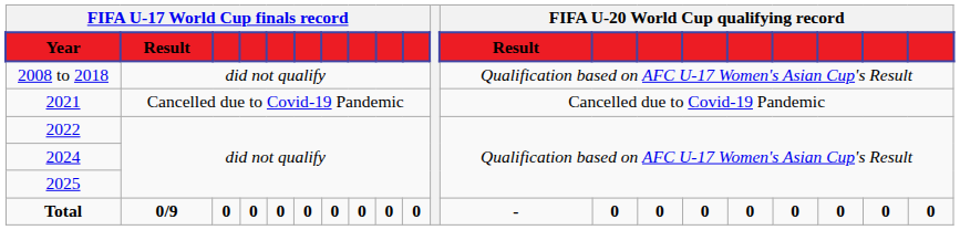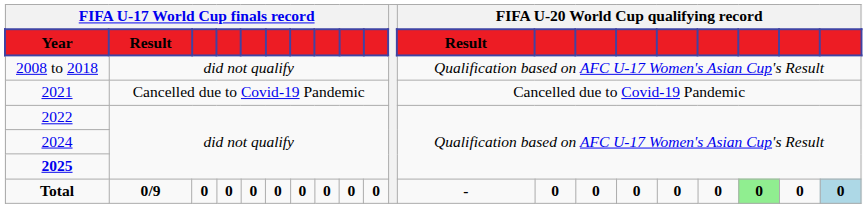 <table Class = "wikitable" style = "text-align: center; width:70%;">
 <tr>
 <th colspan=10><a href='#'>FIFA U-17 World Cup finals record</a></th>
 <th style="width:1%;" rowspan="27"></th>
 <th colspan=9>FIFA U-20 World Cup qualifying record</th>
 </tr>
 <tr>
 <th style="background:#ED1C24;border: 2px solid #3F43A4;"><span>Year</span></th>
 <th style="background:#ED1C24;border: 2px solid #3F43A4;"><span>Result</span></th>
 <th style="background:#ED1C24;border: 2px solid #3F43A4;"><span></span></th>
 <th style="background:#ED1C24;border: 2px solid #3F43A4;"><span></span></th>
 <th style="background:#ED1C24;border: 2px solid #3F43A4;"><span></span></th>
 <th style="background:#ED1C24;border: 2px solid #3F43A4;"><span></span></th>
 <th style="background:#ED1C24;border: 2px solid #3F43A4;"><span></span></th>
 <th style="background:#ED1C24;border: 2px solid #3F43A4;"><span></span></th>
 <th style="background:#ED1C24;border: 2px solid #3F43A4;"><span></span></th>
 <th style="background:#ED1C24;border: 2px solid #3F43A4;"><span></span></th>
 <th style="background:#ED1C24;border: 2px solid #3F43A4;"><span>Result</span></th>
 <th style="background:#ED1C24;border: 2px solid #3F43A4;"><span></span></th>
 <th style="background:#ED1C24;border: 2px solid #3F43A4;"><span></span></th>
 <th style="background:#ED1C24;border: 2px solid #3F43A4;"><span></span></th>
 <th style="background:#ED1C24;border: 2px solid #3F43A4;"><span></span></th>
 <th style="background:#ED1C24;border: 2px solid #3F43A4;"><span></span></th>
 <th style="background:#ED1C24;border: 2px solid #3F43A4;"><span></span></th>
 <th style="background:#ED1C24;border: 2px solid #3F43A4;"><span></span></th>
 <th style="background:#ED1C24;border: 2px solid #3F43A4;"><span></span></th>
 </tr>
 <tr>
 <td> <a href='#'>2008</a>  to  <a href='#'>2018</a></td>
 <td colspan="9"><em>did not qualify</em></td>
 <td colspan=9><em>Qualification based on <a href='#'>AFC U-17 Women's Asian Cup</a>'s Result</em></td>
 </tr>
 <tr>
 <td> <a href='#'>2021</a></td>
 <td colspan=9>Cancelled due to <a href='#'>Covid-19</a> Pandemic</td>
 <td colspan=9>Cancelled due to <a href='#'>Covid-19</a> Pandemic</td>
 </tr>
 <tr>
 <td> <a href='#'>2022</a></td>
 <td rowspan=3 colspan="9"><em>did not qualify</em></td>
 <td colspan=9 rowspan=3><em>Qualification based on <a href='#'>AFC U-17 Women's Asian Cup</a>'s Result</em></td>
 </tr>
 <tr>
 <td> <a href='#'>2024</a></td>
 </tr>
 <tr>
-<td> <a href='#'>2025</a></td>
+<td><strong> <a href='#'>2025</a></strong></td>
 </tr>
 <tr>
 <td><strong>Total</strong></td>
 <td><strong>0/9</strong></td>
 <td><strong>0</strong></td>
 <td><strong>0</strong></td>
 <td><strong>0</strong></td>
 <td><strong>0</strong></td>
 <td><strong>0</strong></td>
 <td><strong>0</strong></td>
 <td><strong>0</strong></td>
 <td><strong>0</strong></td>
 <td><strong>-</strong></td>
 <td><strong>0</strong></td>
 <td><strong>0</strong></td>
 <td><strong>0</strong></td>
 <td><strong>0</strong></td>
 <td><strong>0</strong></td>
+<td style="background: lightgreen;"><strong>0</strong></td>
 <td><strong>0</strong></td>
-<td><strong>0</strong></td>
-<td><strong>0</strong></td>
+<td style="background: lightblue;"><strong>0</strong></td>
 </tr>
 </table>
